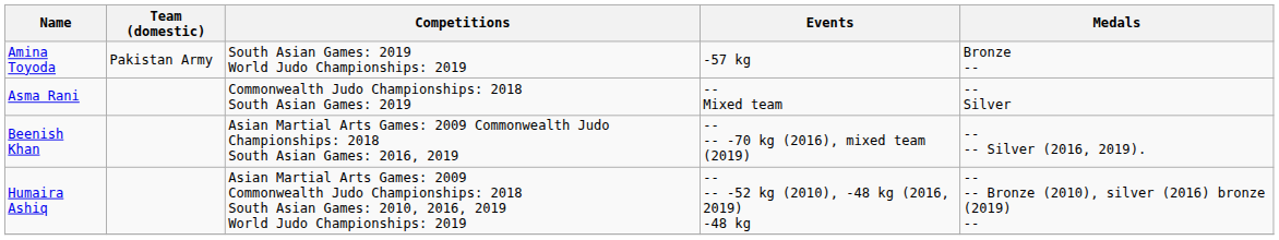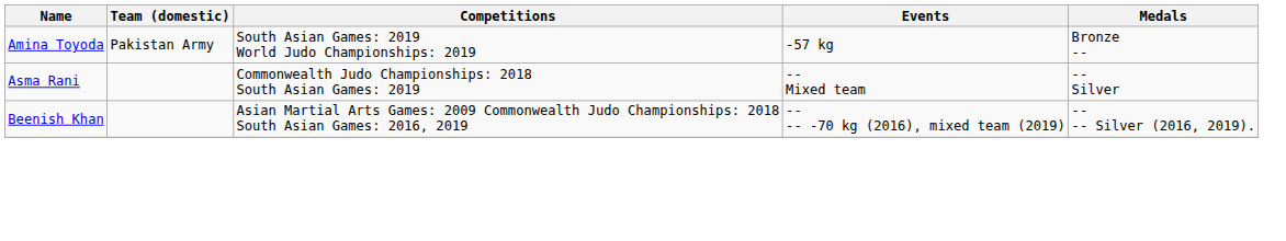 <table class="wikitable sortable">
 <tr>
 <th>Name</th>
 <th>Team (domestic)</th>
 <th>Competitions</th>
 <th>Events</th>
 <th>Medals</th>
 </tr>
 <tr>
 <td><a href='#'>Amina Toyoda</a></td>
 <td>Pakistan Army</td>
 <td>South Asian Games: 2019 <br> World Judo Championships: 2019</td>
 <td>-57 kg</td>
 <td>Bronze <br> --</td>
 </tr>
 <tr>
 <td><a href='#'>Asma Rani</a></td>
 <td></td>
 <td>Commonwealth Judo Championships: 2018<br>South Asian Games: 2019</td>
 <td>--<br>Mixed team</td>
 <td>--<br>Silver</td>
 </tr>
 <tr>
 <td><a href='#'>Beenish Khan</a></td>
 <td></td>
 <td>Asian Martial Arts Games: 2009 Commonwealth Judo Championships: 2018<br>South Asian Games: 2016, 2019</td>
 <td>--<br>--   -70 kg (2016), mixed team (2019)</td>
 <td>--<br>--  Silver (2016, 2019).</td>
 </tr>
 <tr>
-<td><a href='#'>Humaira Ashiq</a></td>
-<td></td>
-<td>Asian Martial Arts Games: 2009<br>Commonwealth Judo Championships: 2018<br>South Asian Games: 2010, 2016, 2019<br>World Judo Championships: 2019</td>
-<td>--<br>--  -52 kg (2010), -48 kg (2016, 2019)<br>-48 kg</td>
-<td>--<br>--  Bronze (2010), silver (2016) bronze (2019)<br>--</td>
-</tr>
-<tr>
 </tr>
 </table>
